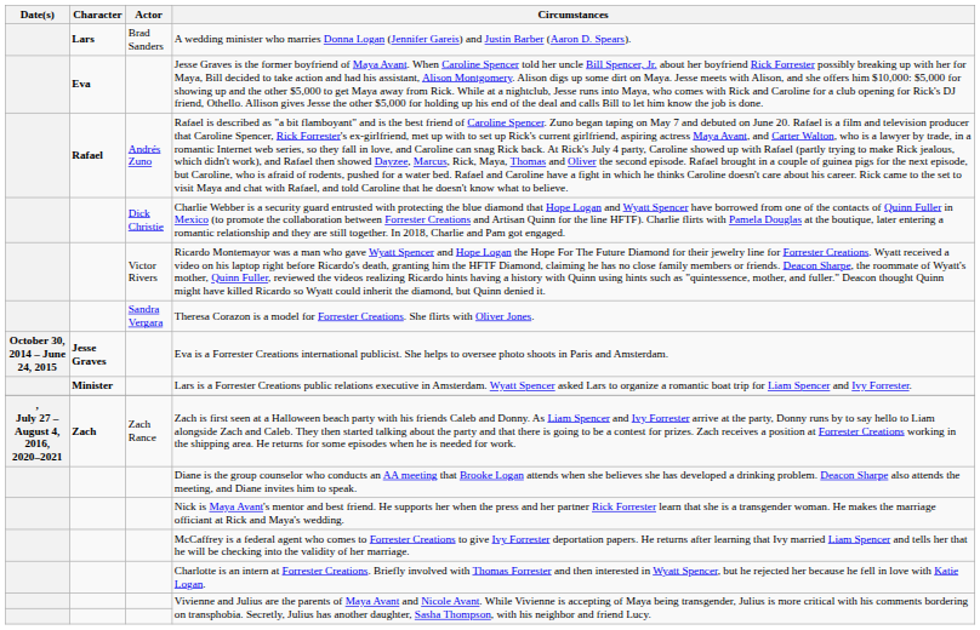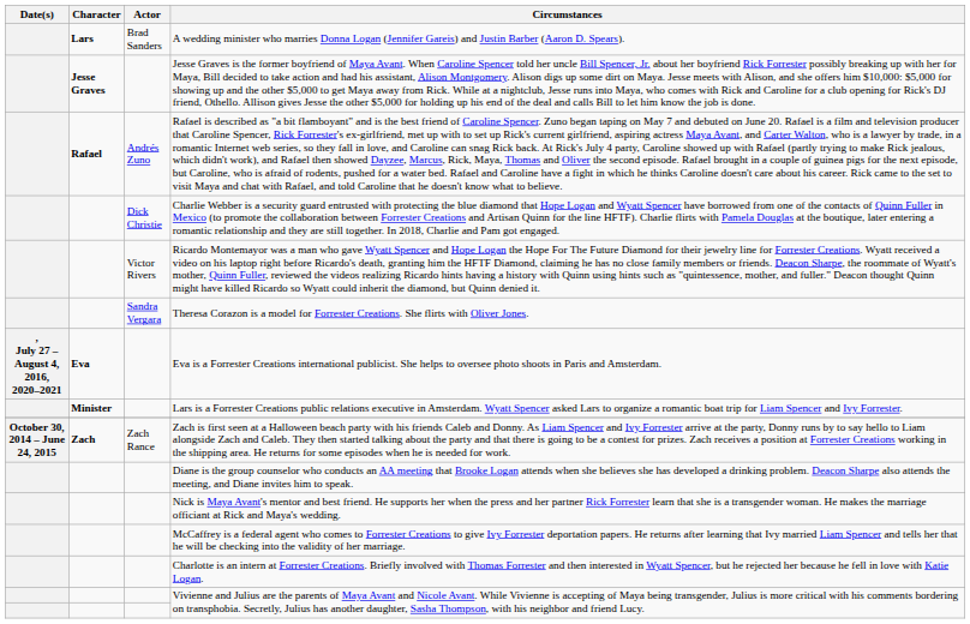 <table class="wikitable plainrowheaders" style="font-size:90%">
 <tr>
 <th scope="col">Date(s)</th>
 <th scope="col">Character</th>
 <th scope="col">Actor</th>
 <th scope="col">Circumstances</th>
 </tr>
 <tr>
 <th scope="row"></th>
 <td><strong>Lars</strong></td>
 <td>Brad Sanders</td>
 <td>A wedding minister who marries <a href='#'>Donna Logan</a> (<a href='#'>Jennifer Gareis</a>) and <a href='#'>Justin Barber</a> (<a href='#'>Aaron D. Spears</a>).</td>
 </tr>
 <tr>
 <th scope="row"></th>
-<td><strong>Eva</strong></td>
+<td><strong>Jesse Graves</strong></td>
 <td></td>
 <td>Jesse Graves is the former boyfriend of <a href='#'>Maya Avant</a>. When <a href='#'>Caroline Spencer</a> told her uncle <a href='#'>Bill Spencer, Jr.</a> about her boyfriend <a href='#'>Rick Forrester</a> possibly breaking up with her for Maya, Bill decided to take action and had his assistant, <a href='#'>Alison Montgomery</a>. Alison digs up some dirt on Maya. Jesse meets with Alison, and she offers him $10,000: $5,000 for showing up and the other $5,000 to get Maya away from Rick. While at a nightclub, Jesse runs into Maya, who comes with Rick and Caroline for a club opening for Rick's DJ friend, Othello. Allison gives Jesse the other $5,000 for holding up his end of the deal and calls Bill to let him know the job is done.</td>
 </tr>
 <tr>
 <th scope="row"></th>
 <td><strong>Rafael</strong></td>
 <td><a href='#'>Andrés Zuno</a></td>
 <td>Rafael is described as "a bit flamboyant" and is the best friend of <a href='#'>Caroline Spencer</a>. Zuno began taping on May 7 and debuted on June 20. Rafael is a film and television producer that Caroline Spencer, <a href='#'>Rick Forrester</a>'s ex-girlfriend, met up with to set up Rick's current girlfriend, aspiring actress <a href='#'>Maya Avant</a>, and <a href='#'>Carter Walton</a>, who is a lawyer by trade, in a romantic Internet web series, so they fall in love, and Caroline can snag Rick back. At Rick's July 4 party, Caroline showed up with Rafael (partly trying to make Rick jealous, which didn't work), and Rafael then showed <a href='#'>Dayzee</a>, <a href='#'>Marcus</a>, Rick, Maya, <a href='#'>Thomas</a> and <a href='#'>Oliver</a> the second episode. Rafael brought in a couple of guinea pigs for the next episode, but Caroline, who is afraid of rodents, pushed for a water bed. Rafael and Caroline have a fight in which he thinks Caroline doesn't care about his career. Rick came to the set to visit Maya and chat with Rafael, and told Caroline that he doesn't know what to believe.</td>
 </tr>
 <tr>
 <th scope="row"></th>
 <td></td>
 <td><a href='#'>Dick Christie</a></td>
 <td>Charlie Webber is a security guard entrusted with protecting the blue diamond that <a href='#'>Hope Logan</a> and <a href='#'>Wyatt Spencer</a> have borrowed from one of the contacts of <a href='#'>Quinn Fuller</a> in <a href='#'>Mexico</a> (to promote the collaboration between <a href='#'>Forrester Creations</a> and Artisan Quinn for the line HFTF). Charlie flirts with <a href='#'>Pamela Douglas</a> at the boutique, later entering a romantic relationship and they are still together. In 2018, Charlie and Pam got engaged.</td>
 </tr>
 <tr>
 <th scope="row"></th>
 <td></td>
 <td>Victor Rivers</td>
 <td>Ricardo Montemayor was a man who gave <a href='#'>Wyatt Spencer</a> and <a href='#'>Hope Logan</a> the Hope For The Future Diamond for their jewelry line for <a href='#'>Forrester Creations</a>. Wyatt received a video on his laptop right before Ricardo's death, granting him the HFTF Diamond, claiming he has no close family members or friends. <a href='#'>Deacon Sharpe</a>, the roommate of Wyatt's mother, <a href='#'>Quinn Fuller</a>, reviewed the videos realizing Ricardo hints having a history with Quinn using hints such as "quintessence, mother, and fuller." Deacon thought Quinn might have killed Ricardo so Wyatt could inherit the diamond, but Quinn denied it.</td>
 </tr>
 <tr>
 <th scope="row"></th>
 <td></td>
 <td><a href='#'>Sandra Vergara</a></td>
 <td>Theresa Corazon is a model for <a href='#'>Forrester Creations</a>. She flirts with <a href='#'>Oliver Jones</a>.</td>
 </tr>
 <tr>
-<th scope="row">October 30, 2014 – June 24, 2015</th>
-<td><strong>Jesse Graves</strong></td>
+<th scope="row">,<br>July 27 – August 4, 2016,<br>2020–2021</th>
+<td><strong>Eva</strong></td>
 <td></td>
 <td>Eva is a Forrester Creations international publicist. She helps to oversee photo shoots in Paris and Amsterdam.</td>
 </tr>
 <tr>
 <th scope="row"></th>
 <td><strong>Minister</strong></td>
 <td></td>
 <td>Lars is a Forrester Creations public relations executive in Amsterdam. <a href='#'>Wyatt Spencer</a> asked Lars to organize a romantic boat trip for <a href='#'>Liam Spencer</a> and <a href='#'>Ivy Forrester</a>.</td>
 </tr>
 <tr>
 </tr>
 <tr>
-<th scope="row">,<br>July 27 – August 4, 2016,<br>2020–2021</th>
+<th scope="row">October 30, 2014 – June 24, 2015</th>
 <td><strong>Zach</strong></td>
 <td>Zach Rance</td>
 <td>Zach is first seen at a Halloween beach party with his friends Caleb and Donny. As <a href='#'>Liam Spencer</a> and <a href='#'>Ivy Forrester</a> arrive at the party, Donny runs by to say hello to Liam alongside Zach and Caleb. They then started talking about the party and that there is going to be a contest for prizes. Zach receives a position at <a href='#'>Forrester Creations</a> working in the shipping area. He returns for some episodes when he is needed for work.</td>
 </tr>
 <tr>
 <th scope="row"></th>
 <td></td>
 <td></td>
 <td>Diane is the group counselor who conducts an <a href='#'>AA meeting</a> that <a href='#'>Brooke Logan</a> attends when she believes she has developed a drinking problem. <a href='#'>Deacon Sharpe</a> also attends the meeting, and Diane invites him to speak.</td>
 </tr>
 <tr>
 <th scope="row"></th>
 <td></td>
 <td></td>
 <td>Nick is <a href='#'>Maya Avant</a>'s mentor and best friend. He supports her when the press and her partner <a href='#'>Rick Forrester</a> learn that she is a transgender woman. He makes the marriage officiant at Rick and Maya's wedding.</td>
 </tr>
 <tr>
 <th scope="row"></th>
 <td></td>
 <td></td>
 <td>McCaffrey is a federal agent who comes to <a href='#'>Forrester Creations</a> to give <a href='#'>Ivy Forrester</a> deportation papers. He returns after learning that Ivy married <a href='#'>Liam Spencer</a> and tells her that he will be checking into the validity of her marriage.</td>
 </tr>
 <tr>
 <th scope="row"></th>
 <td></td>
 <td></td>
 <td>Charlotte is an intern at <a href='#'>Forrester Creations</a>. Briefly involved with <a href='#'>Thomas Forrester</a> and then interested in <a href='#'>Wyatt Spencer</a>, but he rejected her because he fell in love with <a href='#'>Katie Logan</a>.</td>
 </tr>
 <tr>
 <th scope="row"></th>
 <td></td>
 <td></td>
 <td rowspan="2">Vivienne and Julius are the parents of <a href='#'>Maya Avant</a> and <a href='#'>Nicole Avant</a>. While Vivienne is accepting of Maya being transgender, Julius is more critical with his comments bordering on transphobia. Secretly, Julius has another daughter, <a href='#'>Sasha Thompson</a>, with his neighbor and friend Lucy.</td>
 </tr>
 <tr>
 <th scope="row"></th>
 <td></td>
 <td></td>
 </tr>
 </table>
